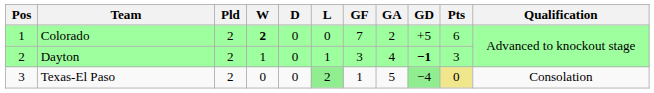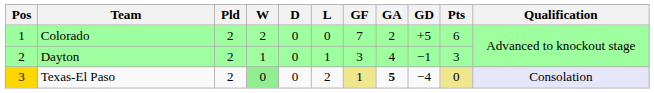 <table class="wikitable" style="text-align:center; margin: 1em auto">
 <tr>
 <th style="width:2em">Pos</th>
 <th style="width:13em">Team</th>
 <th style="width:2em">Pld</th>
 <th style="width:2em">W</th>
 <th style="width:2em">D</th>
 <th style="width:2em">L</th>
 <th style="width:2em">GF</th>
 <th style="width:2em">GA</th>
 <th style="width:2em">GD</th>
 <th style="width:2em">Pts</th>
 <th style="width:13em">Qualification</th>
 </tr>
 <tr bgcolor="#9eff9e">
 <td>1</td>
 <td style="text-align:left">Colorado</td>
 <td>2</td>
-<td><strong>2</strong></td>
+<td>2</td>
 <td>0</td>
 <td>0</td>
 <td>7</td>
 <td>2</td>
 <td>+5</td>
 <td>6</td>
 <td rowspan="2">Advanced to knockout stage</td>
 </tr>
 <tr bgcolor="#9eff9e">
 <td>2</td>
 <td style="text-align:left">Dayton</td>
 <td>2</td>
 <td>1</td>
 <td>0</td>
 <td>1</td>
 <td>3</td>
 <td>4</td>
-<td><strong>−1</strong></td>
+<td>−1</td>
 <td>3</td>
 </tr>
 <tr>
-<td>3</td>
+<td style="background: gold;">3</td>
 <td style="text-align:left">Texas-El Paso</td>
 <td>2</td>
+<td style="background: lightgreen;">0</td>
 <td>0</td>
-<td>0</td>
-<td style="background: lightgreen;">2</td>
-<td>1</td>
-<td>5</td>
-<td style="background: lightgreen;">−4</td>
+<td>2</td>
+<td style="background: khaki;">1</td>
+<td><strong>5</strong></td>
+<td>−4</td>
 <td style="background: khaki;">0</td>
-<td>Consolation</td>
+<td style="background: lavender;">Consolation</td>
 </tr>
 </table>
